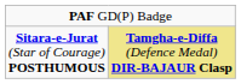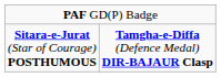 <table class="wikitable" style="margin:1em auto; text-align:center;">
 <tr>
 <td colspan="4"><strong>PAF</strong> GD(P) Badge</td>
 </tr>
 <tr>
 <td><strong><a href='#'>Sitara-e-Jurat</a></strong><br><em>(Star of Courage)</em><br><strong>POSTHUMOUS</strong></td>
-<td style="background: khaki;"><strong><a href='#'>Tamgha-e-Diffa</a></strong><br><em>(Defence Medal)</em><br><strong><a href='#'>DIR-BAJAUR</a> Clasp</strong></td>
+<td><strong><a href='#'>Tamgha-e-Diffa</a></strong><br><em>(Defence Medal)</em><br><strong><a href='#'>DIR-BAJAUR</a> Clasp</strong></td>
 </tr>
 </table>
